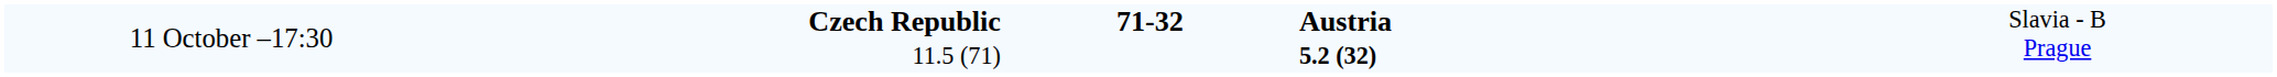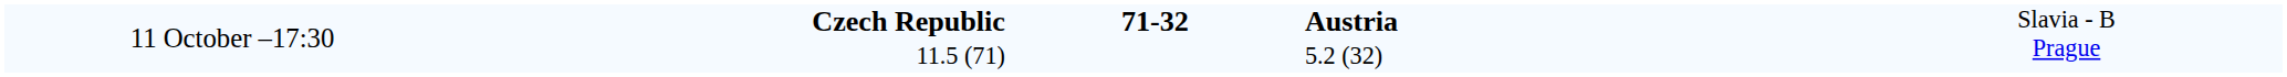 <table style="width: 100%; background:#F5FAFF;" cellspacing="0">
 <tr>
 <td style=font-size:95% align=center rowspan=3 width=20%>11 October –17:30</td>
 </tr>
 <tr>
 <td width=24% align=right><strong>Czech Republic</strong> </td>
 <td align=center width=13%><strong>71-32</strong></td>
 <td width=24%> <strong>Austria</strong></td>
 <td style=font-size:85% rowspan=3 valign=top align=center>Slavia - B <br><a href='#'>Prague</a></td>
 </tr>
 <tr style=font-size:85%>
 <td align=right>11.5 (71)</td>
 <td align=center></td>
-<td><strong>5.2 (32)</strong></td>
+<td>5.2 (32)</td>
 </tr>
 </table>
